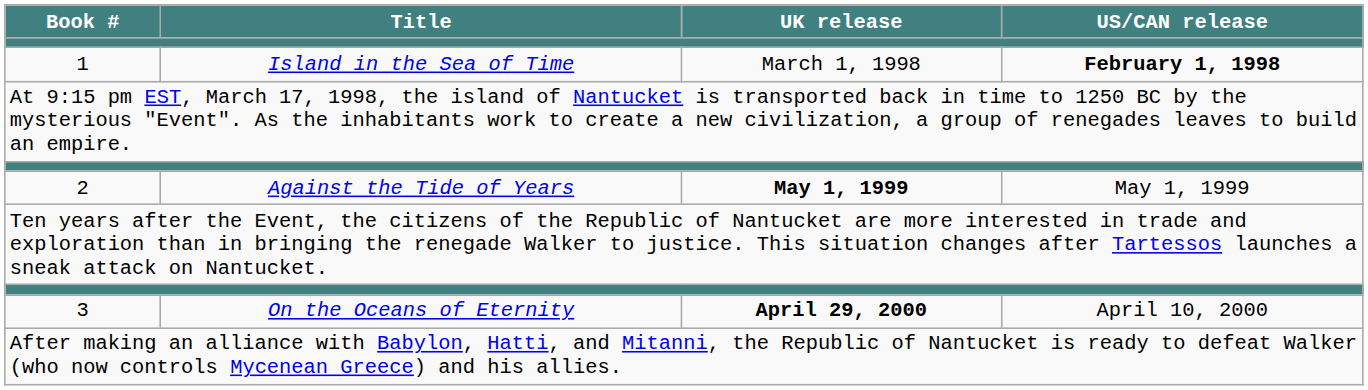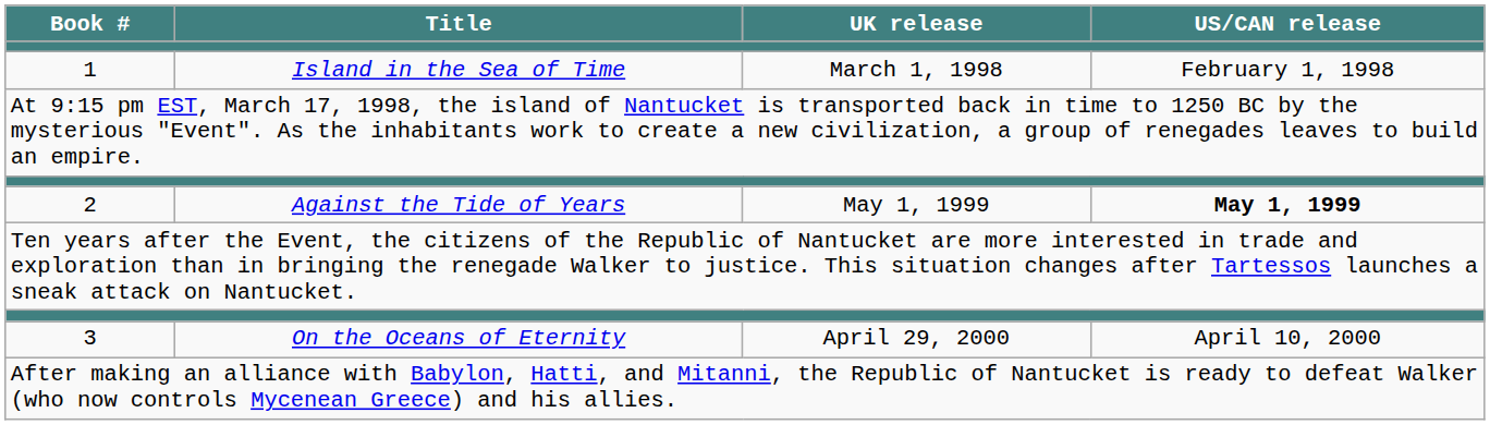 <table class="wikitable" style="width:98%; background:#FFFFF;">
 <tr style="color:white">
 <th style="background:#408080;">Book #</th>
 <th style="background:#408080;">Title</th>
 <th style="background:#408080;">UK release</th>
 <th style="background:#408080;">US/CAN release</th>
 </tr>
 <tr>
 <td colspan="6" style="background:#408080;"></td>
 </tr>
 <tr style="text-align:center;">
 <td>1</td>
 <td style="text-align:center;"><em><a href='#'>Island in the Sea of Time</a></em></td>
 <td style="text-align:center;">March 1, 1998 </td>
-<td style="text-align:center;"><strong>February 1, 1998</strong></td>
+<td style="text-align:center;">February 1, 1998</td>
 </tr>
 <tr>
 <td colspan="6">At 9:15 pm <a href='#'>EST</a>, March 17, 1998, the island of <a href='#'>Nantucket</a> is transported back in time to 1250 BC by the mysterious "Event". As the inhabitants work to create a new civilization, a group of renegades leaves to build an empire.</td>
 </tr>
 <tr>
 <td colspan="6" style="background:#408080;"></td>
 </tr>
 <tr style="text-align:center;">
 <td>2</td>
 <td style="text-align:center;"><em><a href='#'>Against the Tide of Years</a></em></td>
-<td style="text-align:center;"><strong>May 1, 1999</strong></td>
-<td style="text-align:center;">May 1, 1999 </td>
+<td style="text-align:center;">May 1, 1999</td>
+<td style="text-align:center;"><strong>May 1, 1999 </strong></td>
 </tr>
 <tr>
 <td colspan="6">Ten years after the Event, the citizens of the Republic of Nantucket are more interested in trade and exploration than in bringing the renegade Walker to justice. This situation changes after <a href='#'>Tartessos</a> launches a sneak attack on Nantucket.</td>
 </tr>
 <tr>
 <td colspan="6" style="background:#408080;"></td>
 </tr>
 <tr style="text-align:center;">
 <td>3</td>
 <td style="text-align:center;"><em><a href='#'>On the Oceans of Eternity</a></em></td>
-<td style="text-align:center;"><strong>April 29, 2000</strong></td>
+<td style="text-align:center;">April 29, 2000</td>
 <td style="text-align:center;">April 10, 2000 </td>
 </tr>
 <tr>
 <td colspan="6">After making an alliance with <a href='#'>Babylon</a>, <a href='#'>Hatti</a>, and <a href='#'>Mitanni</a>, the Republic of Nantucket is ready to defeat Walker (who now controls <a href='#'>Mycenean Greece</a>) and his allies.</td>
 </tr>
 </table>
